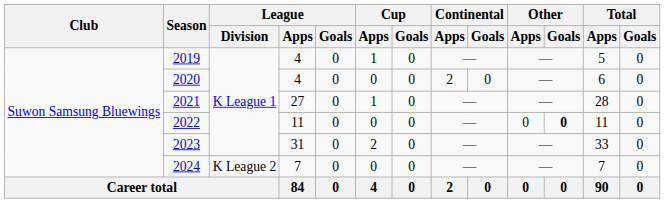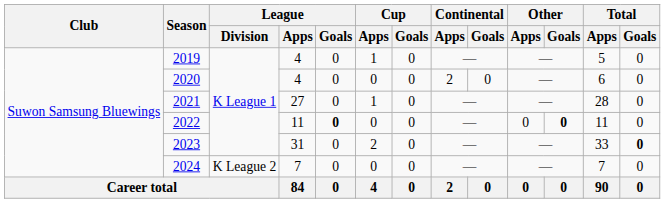 <table class="wikitable" style="text-align:center">
 <tr>
 <th rowspan=2>Club</th>
 <th rowspan=2>Season</th>
 <th colspan=3>League</th>
 <th colspan=2>Cup</th>
 <th colspan=2>Continental</th>
 <th colspan=2>Other</th>
 <th colspan=2>Total</th>
 </tr>
 <tr>
 <th>Division</th>
 <th>Apps</th>
 <th>Goals</th>
 <th>Apps</th>
 <th>Goals</th>
 <th>Apps</th>
 <th>Goals</th>
 <th>Apps</th>
 <th>Goals</th>
 <th>Apps</th>
 <th>Goals</th>
 </tr>
 <tr>
 <td rowspan=6><a href='#'>Suwon Samsung Bluewings</a></td>
 <td><a href='#'>2019</a></td>
 <td rowspan=5><a href='#'>K League 1</a></td>
 <td>4</td>
 <td>0</td>
 <td>1</td>
 <td>0</td>
 <td colspan=2>—</td>
 <td colspan=2>—</td>
 <td>5</td>
 <td>0</td>
 </tr>
 <tr>
 <td><a href='#'>2020</a></td>
 <td>4</td>
 <td>0</td>
 <td>0</td>
 <td>0</td>
 <td>2</td>
 <td>0</td>
 <td colspan=2>—</td>
 <td>6</td>
 <td>0</td>
 </tr>
 <tr>
 <td><a href='#'>2021</a></td>
 <td>27</td>
 <td>0</td>
 <td>1</td>
 <td>0</td>
 <td colspan=2>—</td>
 <td colspan=2>—</td>
 <td>28</td>
 <td>0</td>
 </tr>
 <tr>
 <td><a href='#'>2022</a></td>
 <td>11</td>
-<td>0</td>
+<td><strong>0</strong></td>
 <td>0</td>
 <td>0</td>
 <td colspan=2>—</td>
 <td>0</td>
 <td><strong>0</strong></td>
 <td>11</td>
 <td>0</td>
 </tr>
 <tr>
 <td><a href='#'>2023</a></td>
 <td>31</td>
 <td>0</td>
 <td>2</td>
 <td>0</td>
 <td colspan=2>—</td>
 <td colspan=2>—</td>
 <td>33</td>
-<td>0</td>
+<td><strong>0</strong></td>
 </tr>
 <tr>
 <td><a href='#'>2024</a></td>
 <td>K League 2</td>
 <td>7</td>
 <td>0</td>
 <td>0</td>
 <td>0</td>
 <td colspan=2>—</td>
 <td colspan=2>—</td>
 <td>7</td>
 <td>0</td>
 </tr>
 <tr>
 <th colspan=3>Career total</th>
 <th>84</th>
 <th>0</th>
 <th>4</th>
 <th>0</th>
 <th>2</th>
 <th>0</th>
 <th>0</th>
 <th>0</th>
 <th>90</th>
 <th>0</th>
 </tr>
 </table>
